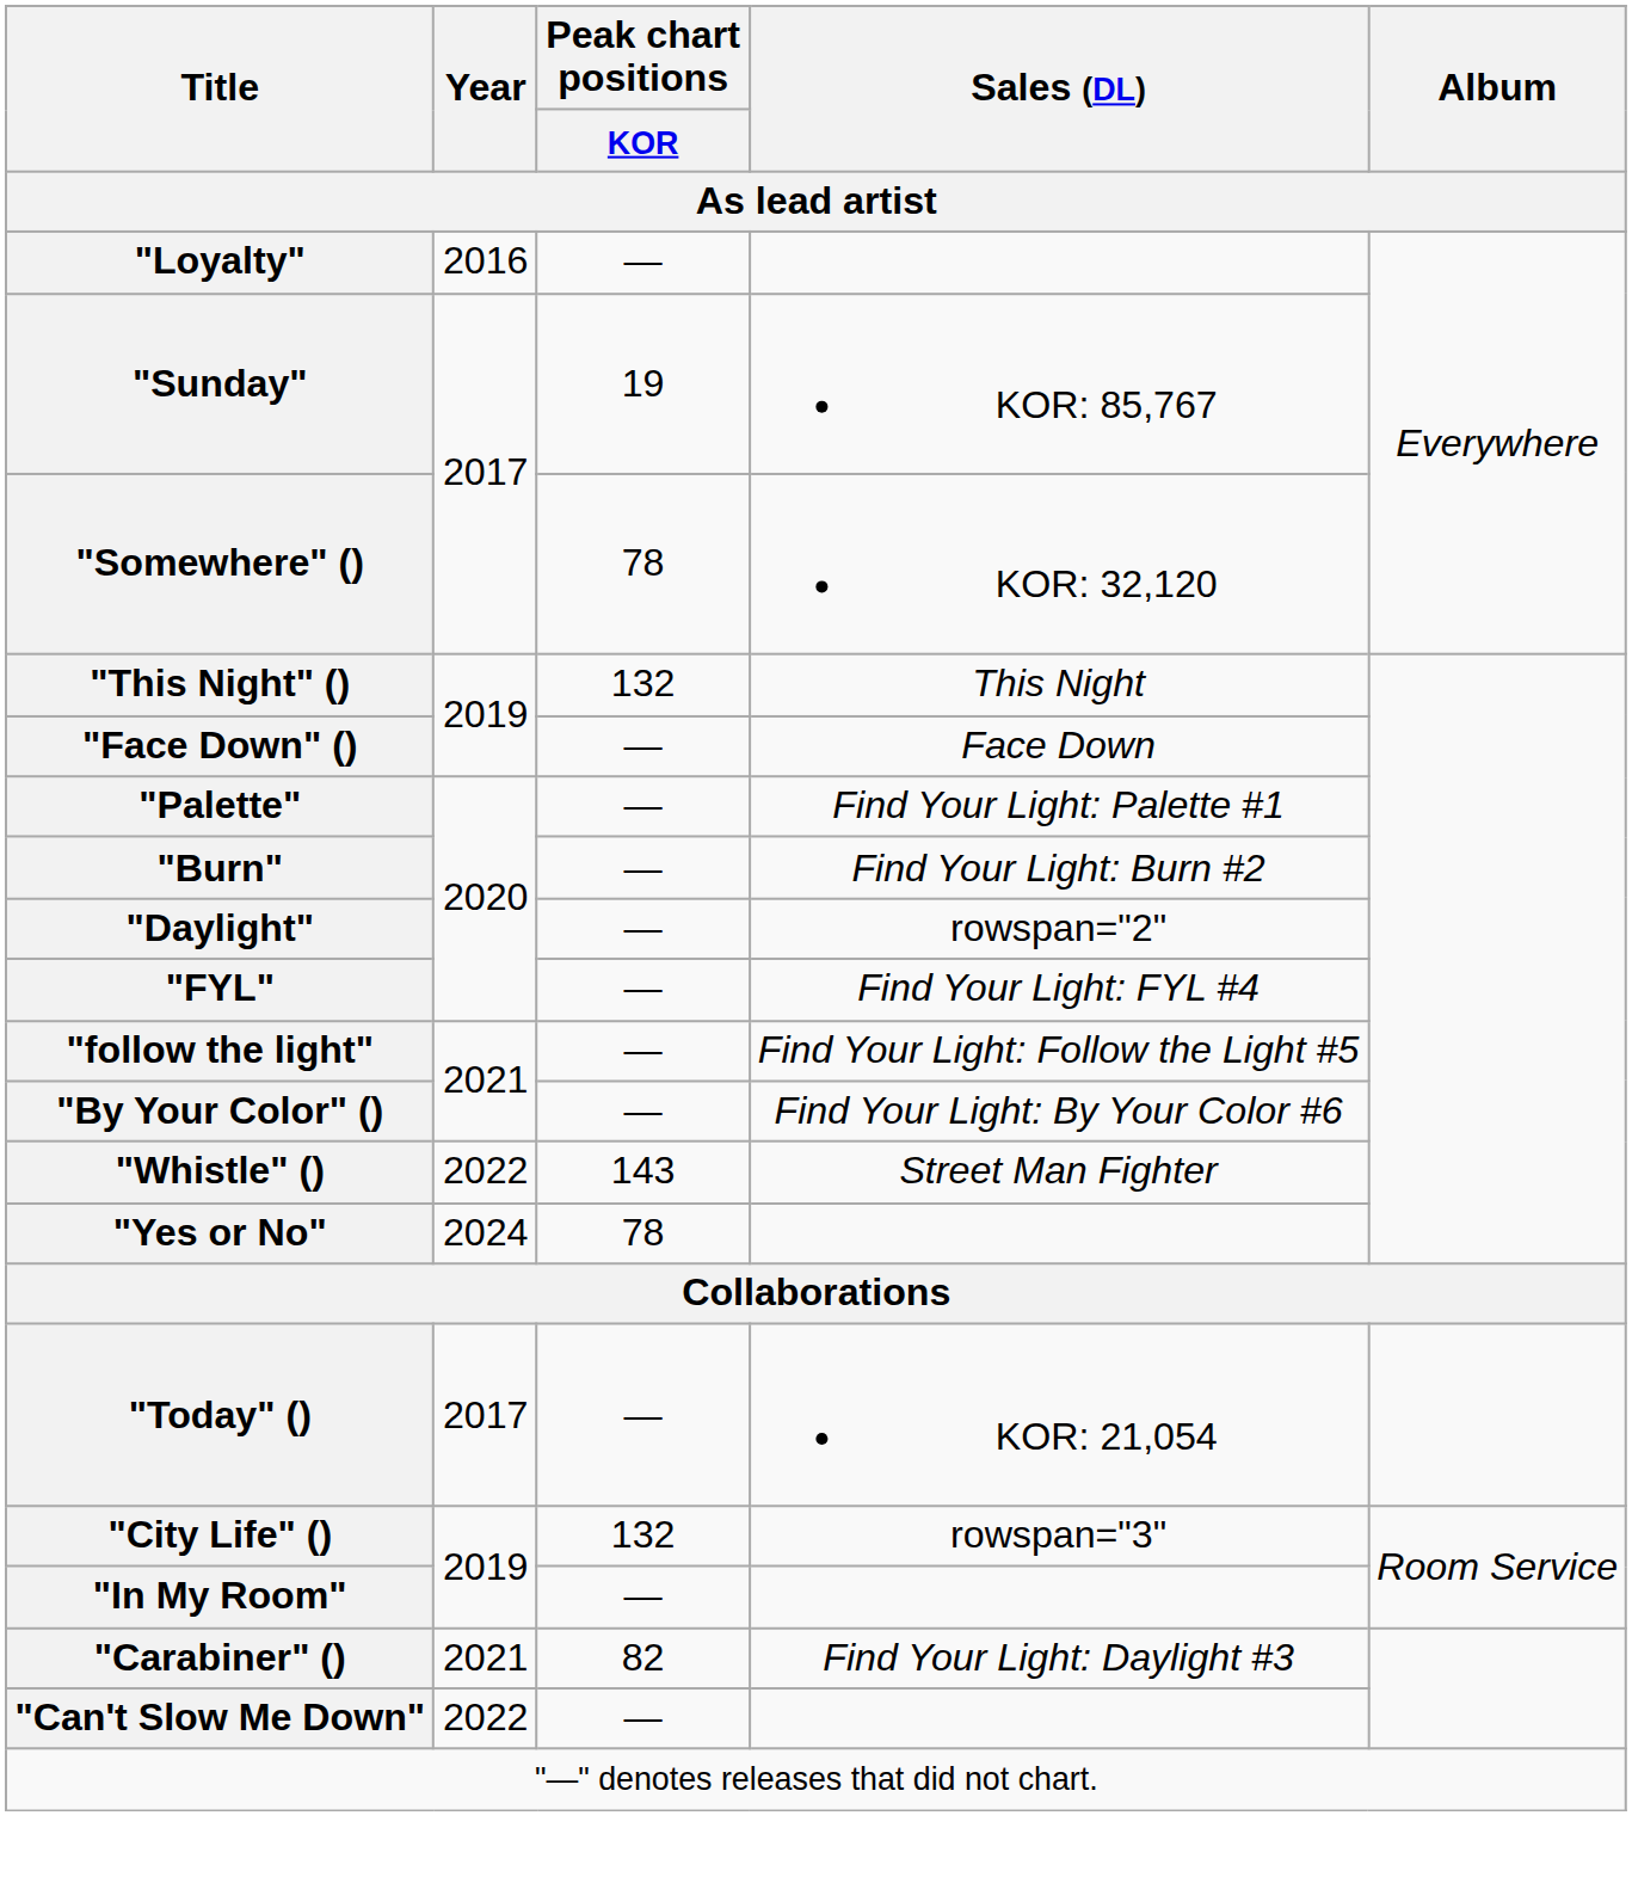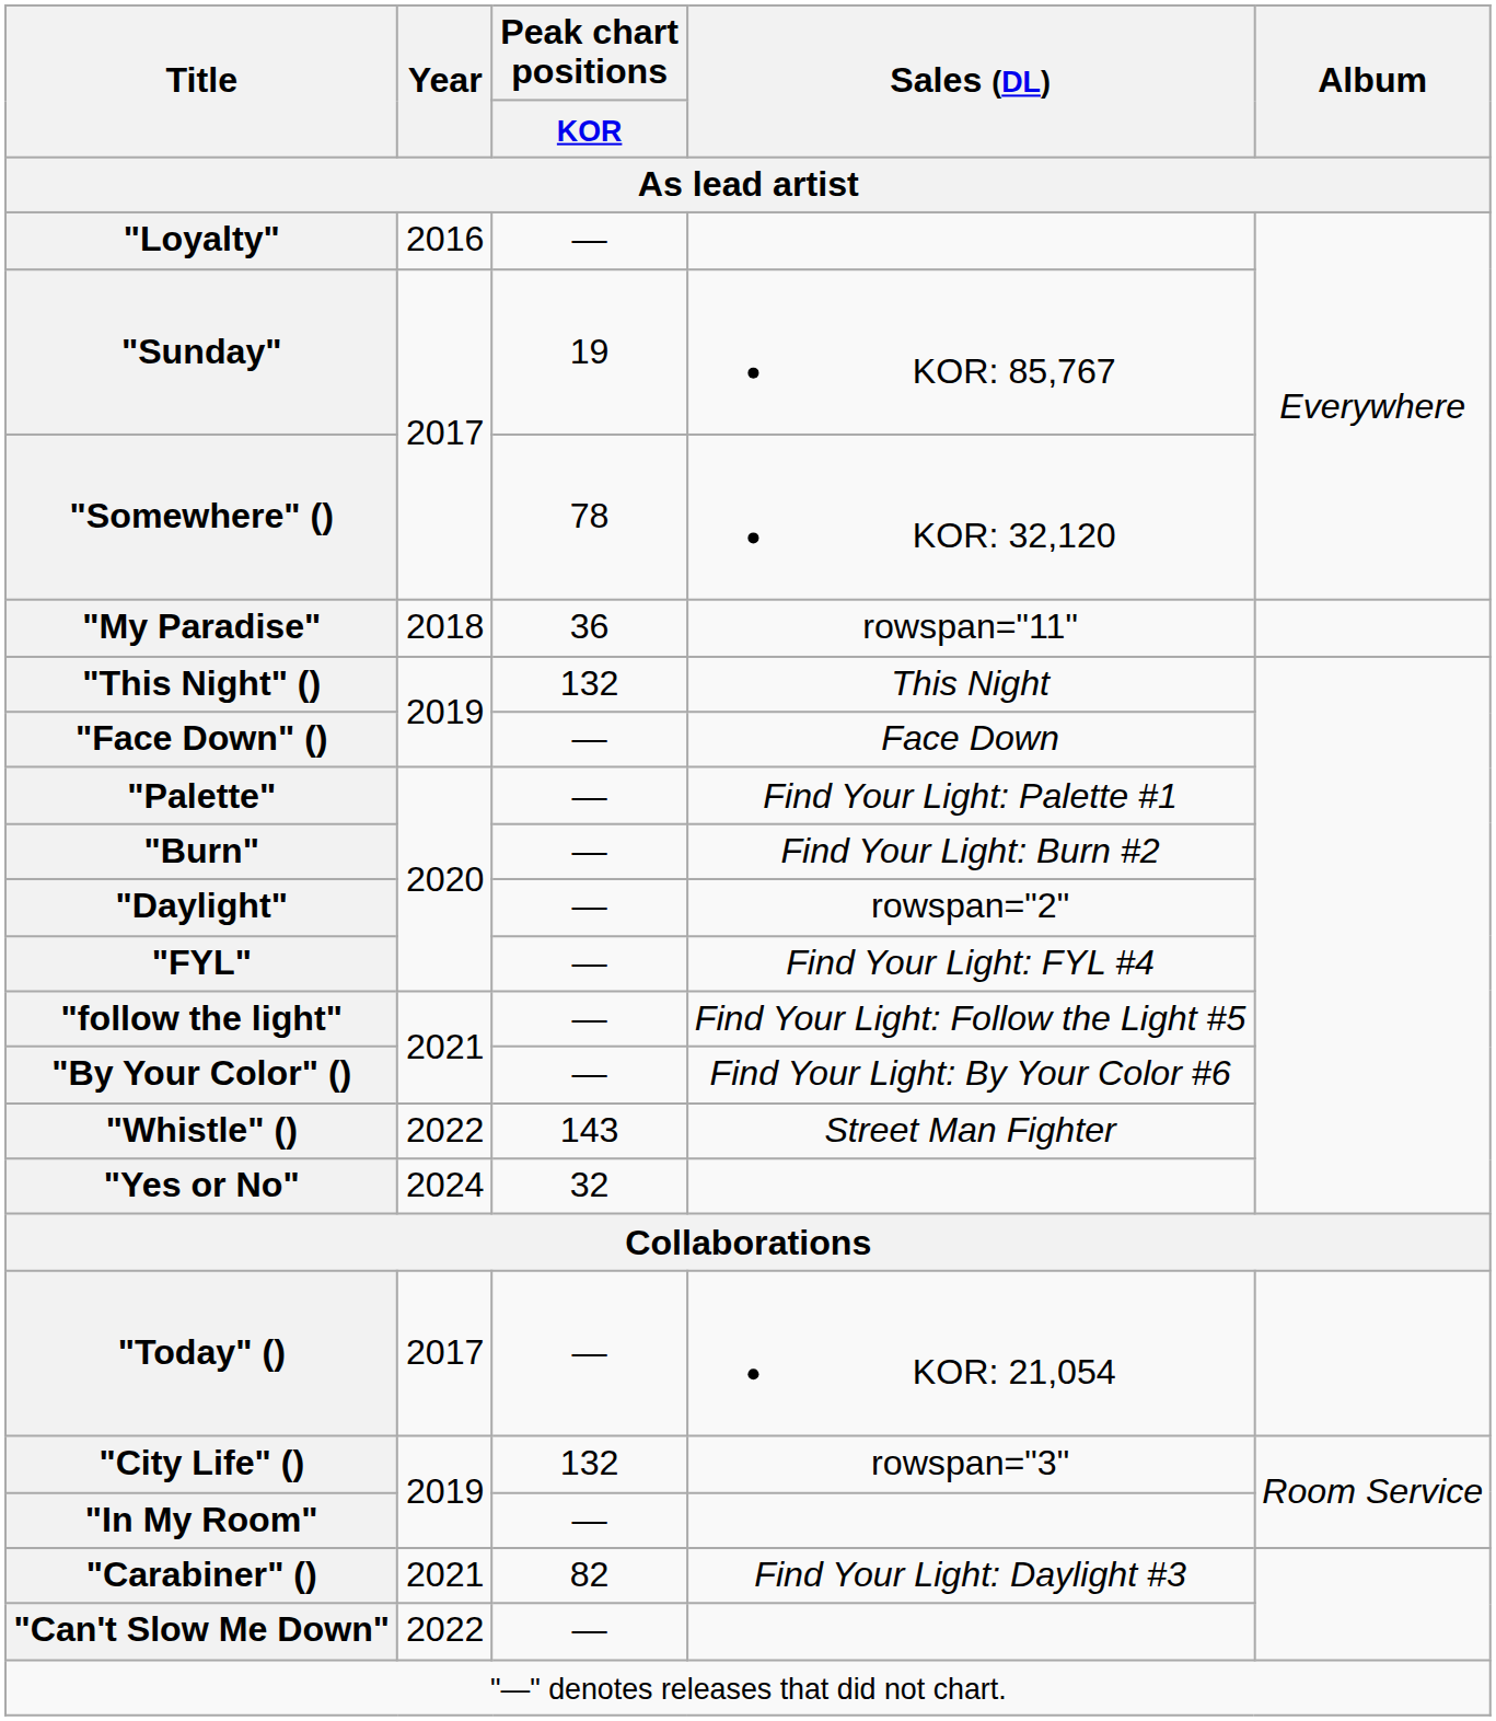 <table class="wikitable plainrowheaders" style="text-align:center;">
 <tr>
 <th scope="col" rowspan="2">Title</th>
 <th scope="col" rowspan="2">Year</th>
 <th scope="col" colspan="1">Peak chart <br> positions</th>
 <th scope="col" rowspan="2">Sales <small>(<a href='#'>DL</a>)</small></th>
 <th scope="col" rowspan="2">Album</th>
 </tr>
 <tr>
 <th><small><a href='#'>KOR</a></small><br></th>
 </tr>
 <tr>
 <th scope="col" colspan="5">As lead artist</th>
 </tr>
 <tr>
 <th scope="row">"Loyalty"<br></th>
 <td>2016</td>
 <td>—</td>
 <td></td>
 <td rowspan="3"><em>Everywhere</em></td>
 </tr>
 <tr>
 <th scope="row">"Sunday"<br></th>
 <td rowspan="2">2017</td>
 <td>19</td>
 <td><br><ul><li>KOR: 85,767</li></ul></td>
 </tr>
 <tr>
 <th scope="row">"Somewhere" ()<br></th>
 <td>78</td>
 <td><br><ul><li>KOR: 32,120</li></ul></td>
+</tr>
+<tr>
+<th scope="row">"My Paradise" <br></th>
+<td>2018</td>
+<td>36</td>
+<td>rowspan="11" </td>
+<td></td>
 </tr>
 <tr>
 <th scope="row">"This Night" ()<br></th>
 <td rowspan="2">2019</td>
 <td>132</td>
 <td><em>This Night</em></td>
 </tr>
 <tr>
 <th scope="row">"Face Down" ()<br></th>
 <td>—</td>
 <td><em>Face Down</em></td>
 </tr>
 <tr>
 <th scope="row">"Palette" <br></th>
 <td rowspan="4">2020</td>
 <td>—</td>
 <td><em>Find Your Light: Palette #1</em></td>
 </tr>
 <tr>
 <th scope="row">"Burn" <br></th>
 <td>—</td>
 <td><em>Find Your Light: Burn #2</em></td>
 </tr>
 <tr>
 <th scope="row">"Daylight" <br></th>
 <td>—</td>
 <td>rowspan="2" </td>
 </tr>
 <tr>
 <th scope="row">"FYL"<br></th>
 <td>—</td>
 <td><em>Find Your Light: FYL #4</em></td>
 </tr>
 <tr>
 <th scope="row">"follow the light" <br></th>
 <td rowspan="2">2021</td>
 <td>—</td>
 <td><em>Find Your Light: Follow the Light #5</em></td>
 </tr>
 <tr>
 <th scope="row">"By Your Color" ()<br></th>
 <td>—</td>
 <td><em>Find Your Light: By Your Color #6</em></td>
 </tr>
 <tr>
 <th scope="row">"Whistle" ()<br></th>
 <td>2022</td>
 <td>143</td>
 <td><em>Street Man Fighter</em></td>
 </tr>
 <tr>
 <th scope="row">"Yes or No" <br></th>
 <td>2024</td>
-<td>78</td>
+<td>32</td>
 <td></td>
 </tr>
 <tr>
 <th scope="col" colspan="5">Collaborations</th>
 </tr>
 <tr>
 <th scope="row">"Today" ()<br></th>
 <td>2017</td>
 <td>—</td>
 <td><br><ul><li>KOR: 21,054</li></ul></td>
 <td></td>
 </tr>
 <tr>
 <th scope="row">"City Life" ()<br></th>
 <td rowspan="2">2019</td>
 <td>132</td>
 <td>rowspan="3" </td>
 <td rowspan="2"><em>Room Service</em></td>
 </tr>
 <tr>
 <th scope="row">"In My Room" <br></th>
 <td>—</td>
 </tr>
 <tr>
 <th scope="row">"Carabiner" ()<br></th>
 <td>2021</td>
 <td>82</td>
 <td><em>Find Your Light: Daylight #3</em></td>
 </tr>
 <tr>
 <th scope="row">"Can't Slow Me Down" <br></th>
 <td>2022</td>
 <td>—</td>
 <td></td>
 </tr>
 <tr>
 <td colspan="5" align="center"><small>"—" denotes releases that did not chart.</small></td>
 </tr>
 </table>
